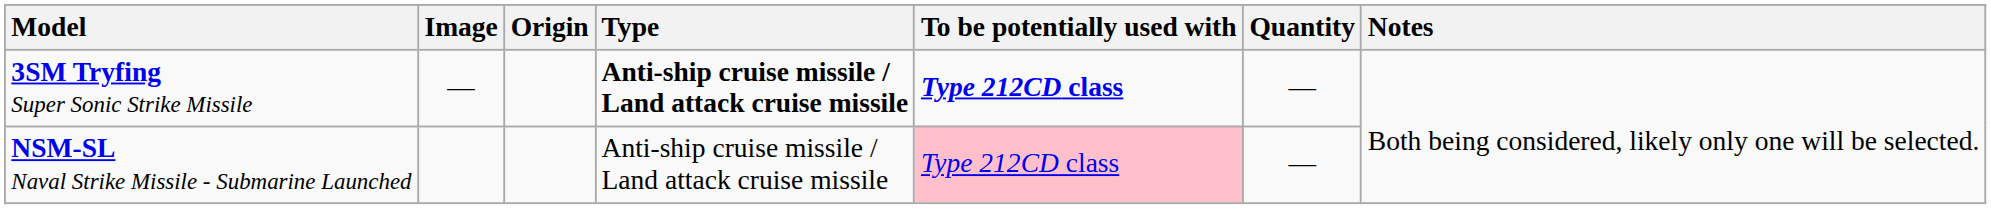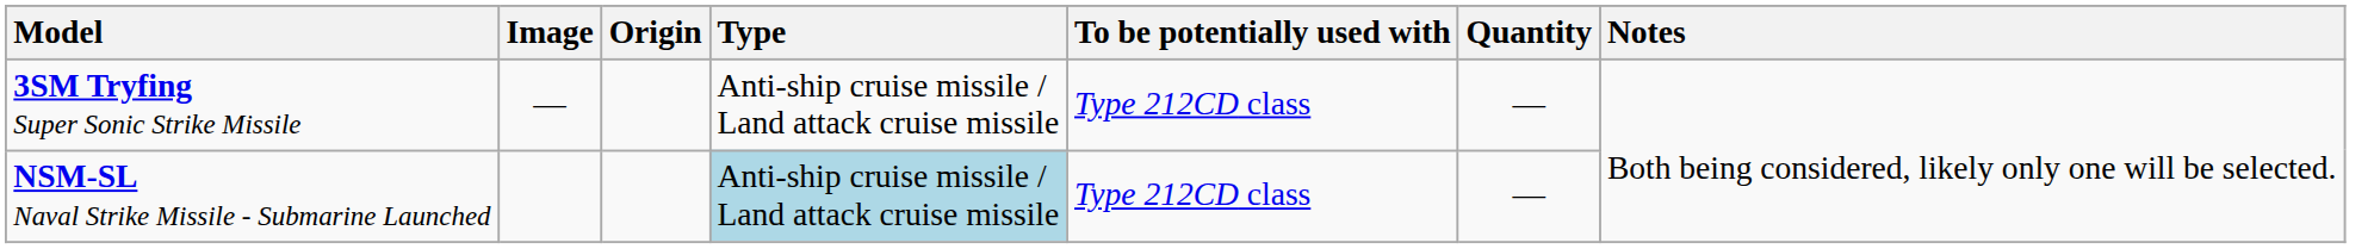 <table class="wikitable" style="font-size: 92%;">
 <tr>
 <th style="text-align: left">Model</th>
 <th style="text-align: left">Image</th>
 <th style="text-align: left">Origin</th>
 <th style="text-align: left">Type</th>
 <th style="text-align: left">To be potentially used with</th>
 <th style="text-align: left">Quantity</th>
 <th style="text-align: left">Notes</th>
 </tr>
 <tr>
 <td><a href='#'><strong>3SM Tryfing</strong></a><br><small><em>Super Sonic Strike Missile</em></small></td>
 <td style="text-align: center">—</td>
 <td><br></td>
-<td><strong>Anti-ship cruise missile /<br>Land attack cruise missile</strong></td>
-<td><strong><a href='#'><em>Type 212CD</em> class</a></strong></td>
+<td>Anti-ship cruise missile /<br>Land attack cruise missile</td>
+<td><a href='#'><em>Type 212CD</em> class</a></td>
 <td style="text-align: center">—</td>
 <td rowspan="2"><br>Both being considered, likely only one will be selected.</td>
 </tr>
 <tr>
 <td><a href='#'><strong>NSM-SL</strong></a><br><small><em>Naval Strike Missile - Submarine Launched</em></small></td>
 <td style="text-align: center"></td>
 <td></td>
-<td>Anti-ship cruise missile /<br>Land attack cruise missile</td>
-<td style="background: pink;"><a href='#'><em>Type 212CD</em> class</a></td>
+<td style="background: lightblue;">Anti-ship cruise missile /<br>Land attack cruise missile</td>
+<td><a href='#'><em>Type 212CD</em> class</a></td>
 <td style="text-align: center">—</td>
 </tr>
 </table>
